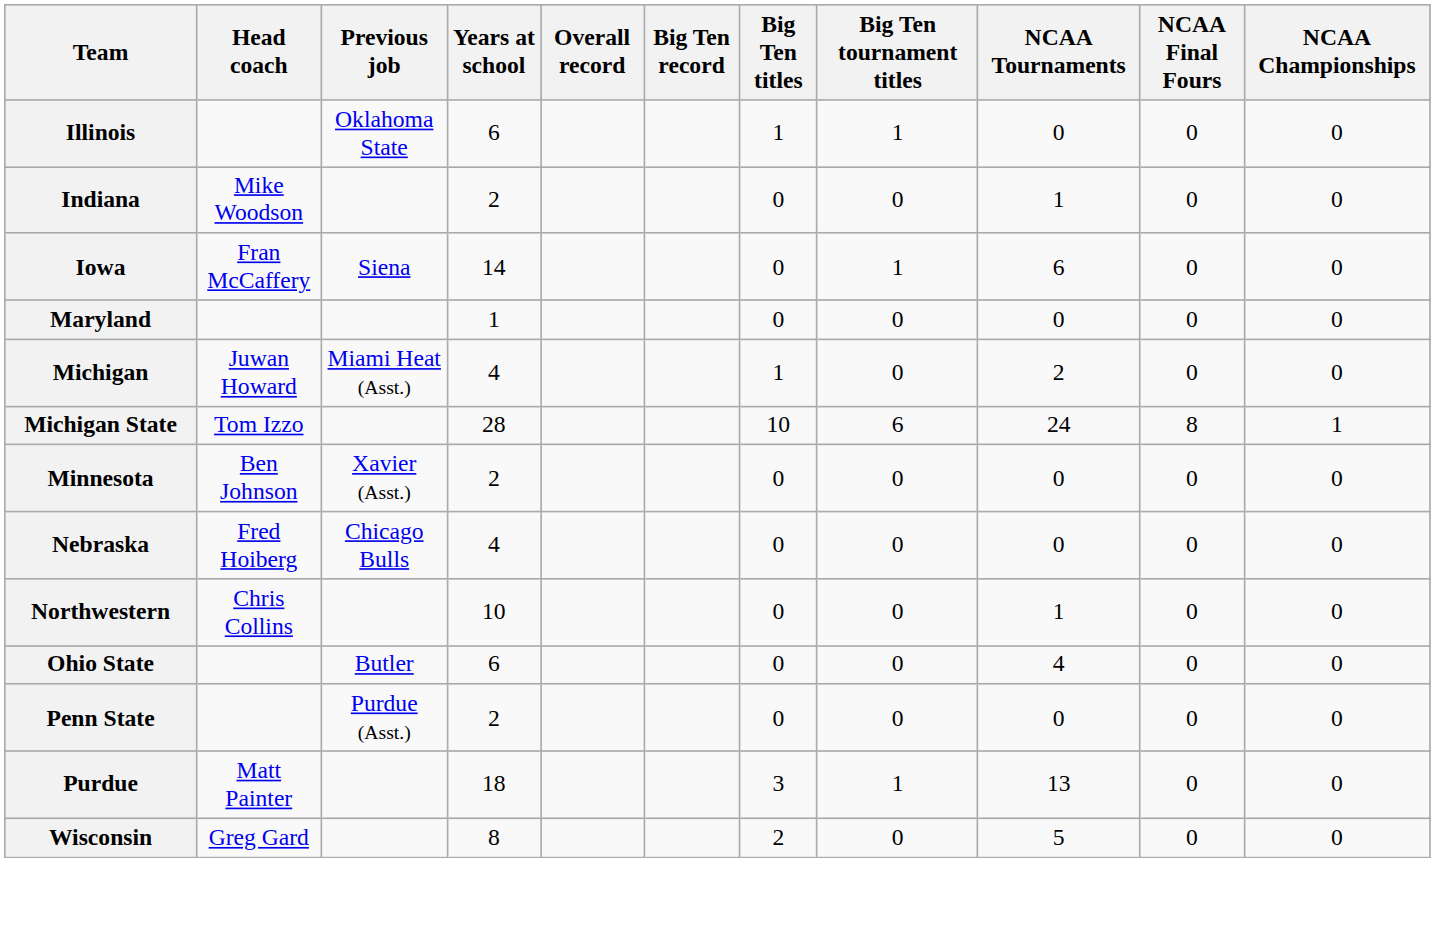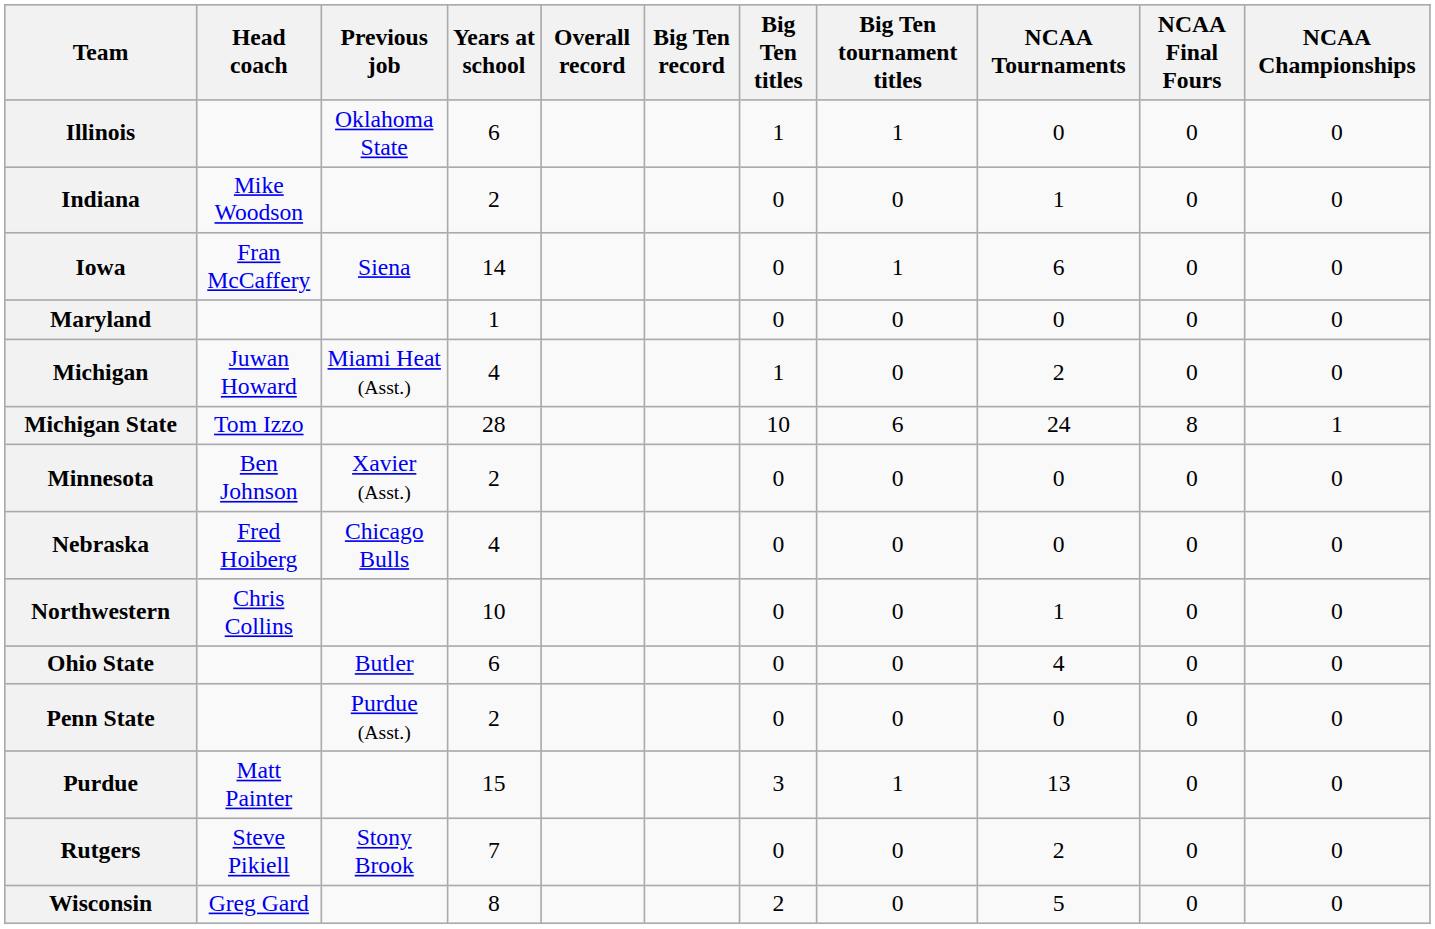 <table class="wikitable sortable" style="text-align: center;font-size:90%;">
 <tr>
 <th width="110">Team</th>
 <th>Head coach</th>
 <th>Previous job</th>
 <th>Years at school</th>
 <th>Overall record</th>
 <th>Big Ten record</th>
 <th>Big Ten titles</th>
 <th>Big Ten tournament titles</th>
 <th>NCAA Tournaments</th>
 <th>NCAA Final Fours</th>
 <th>NCAA Championships</th>
 </tr>
 <tr>
 <th style="background:#">Illinois</th>
 <td></td>
 <td><a href='#'>Oklahoma State</a></td>
 <td>6</td>
 <td></td>
 <td></td>
 <td>1</td>
 <td>1</td>
 <td>0</td>
 <td>0</td>
 <td>0</td>
 </tr>
 <tr>
 <th style=>Indiana</th>
 <td><a href='#'>Mike Woodson</a></td>
 <td></td>
 <td>2</td>
 <td></td>
 <td></td>
 <td>0</td>
 <td>0</td>
 <td>1</td>
 <td>0</td>
 <td>0</td>
 </tr>
 <tr>
 <th style=>Iowa</th>
 <td><a href='#'>Fran McCaffery</a></td>
 <td><a href='#'>Siena</a></td>
 <td>14</td>
 <td></td>
 <td></td>
 <td>0</td>
 <td>1</td>
 <td>6</td>
 <td>0</td>
 <td>0</td>
 </tr>
 <tr>
 <th style=>Maryland</th>
 <td></td>
 <td></td>
 <td>1</td>
 <td></td>
 <td></td>
 <td>0</td>
 <td>0</td>
 <td>0</td>
 <td>0</td>
 <td>0</td>
 </tr>
 <tr>
 <th style=>Michigan</th>
 <td><a href='#'>Juwan Howard</a></td>
 <td><a href='#'>Miami Heat</a> <small>(Asst.)</small></td>
 <td>4</td>
 <td></td>
 <td></td>
 <td>1</td>
 <td>0</td>
 <td>2</td>
 <td>0</td>
 <td>0</td>
 </tr>
 <tr>
 <th style=>Michigan State</th>
 <td><a href='#'>Tom Izzo</a></td>
 <td></td>
 <td>28</td>
 <td></td>
 <td></td>
 <td>10</td>
 <td>6</td>
 <td>24</td>
 <td>8</td>
 <td>1</td>
 </tr>
 <tr>
 <th style=>Minnesota</th>
 <td><a href='#'>Ben Johnson</a></td>
 <td><a href='#'>Xavier</a> <small>(Asst.)</small></td>
 <td>2</td>
 <td></td>
 <td></td>
 <td>0</td>
 <td>0</td>
 <td>0</td>
 <td>0</td>
 <td>0</td>
 </tr>
 <tr>
 <th style=>Nebraska</th>
 <td><a href='#'>Fred Hoiberg</a></td>
 <td><a href='#'>Chicago Bulls</a></td>
 <td>4</td>
 <td></td>
 <td></td>
 <td>0</td>
 <td>0</td>
 <td>0</td>
 <td>0</td>
 <td>0</td>
 </tr>
 <tr>
 <th style=>Northwestern</th>
 <td><a href='#'>Chris Collins</a></td>
 <td></td>
 <td>10</td>
 <td></td>
 <td></td>
 <td>0</td>
 <td>0</td>
 <td>1</td>
 <td>0</td>
 <td>0</td>
 </tr>
 <tr>
 <th style=>Ohio State</th>
 <td></td>
 <td><a href='#'>Butler</a></td>
 <td>6</td>
 <td></td>
 <td></td>
 <td>0</td>
 <td>0</td>
 <td>4</td>
 <td>0</td>
 <td>0</td>
 </tr>
 <tr>
 <th style=>Penn State</th>
 <td></td>
 <td><a href='#'>Purdue</a> <small>(Asst.)</small></td>
 <td>2</td>
 <td></td>
 <td></td>
 <td>0</td>
 <td>0</td>
 <td>0</td>
 <td>0</td>
 <td>0</td>
 </tr>
 <tr>
 <th style=>Purdue</th>
 <td><a href='#'>Matt Painter</a></td>
 <td></td>
-<td>18</td>
+<td>15</td>
 <td></td>
 <td></td>
 <td>3</td>
 <td>1</td>
 <td>13</td>
+<td>0</td>
+<td>0</td>
+</tr>
+<tr>
+<th style=>Rutgers</th>
+<td><a href='#'>Steve Pikiell</a></td>
+<td><a href='#'>Stony Brook</a></td>
+<td>7</td>
+<td></td>
+<td></td>
+<td>0</td>
+<td>0</td>
+<td>2</td>
 <td>0</td>
 <td>0</td>
 </tr>
 <tr>
 <th style=>Wisconsin</th>
 <td><a href='#'>Greg Gard</a></td>
 <td></td>
 <td>8</td>
 <td></td>
 <td></td>
 <td>2</td>
 <td>0</td>
 <td>5</td>
 <td>0</td>
 <td>0</td>
 </tr>
 </table>
